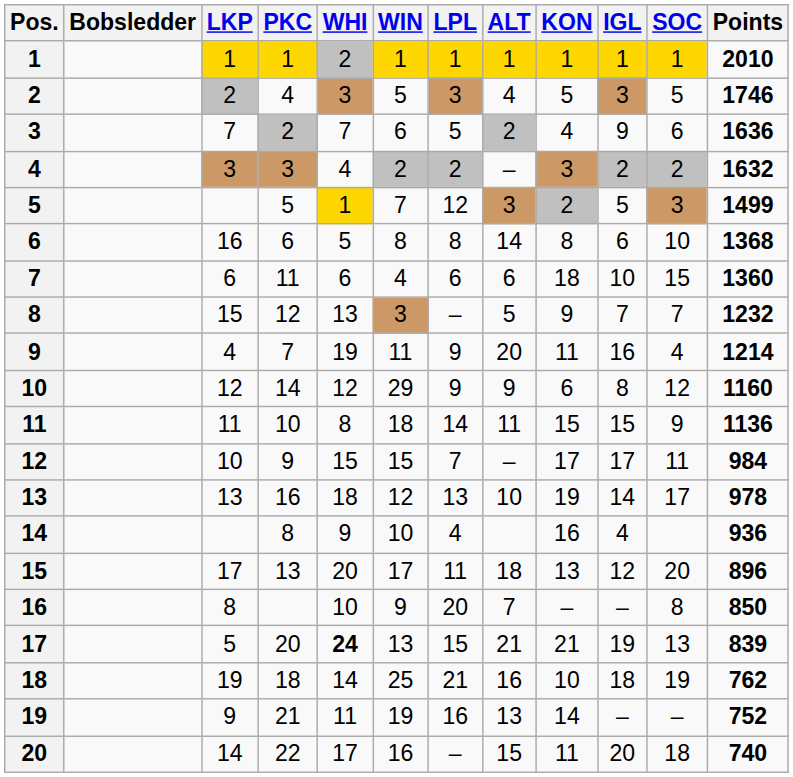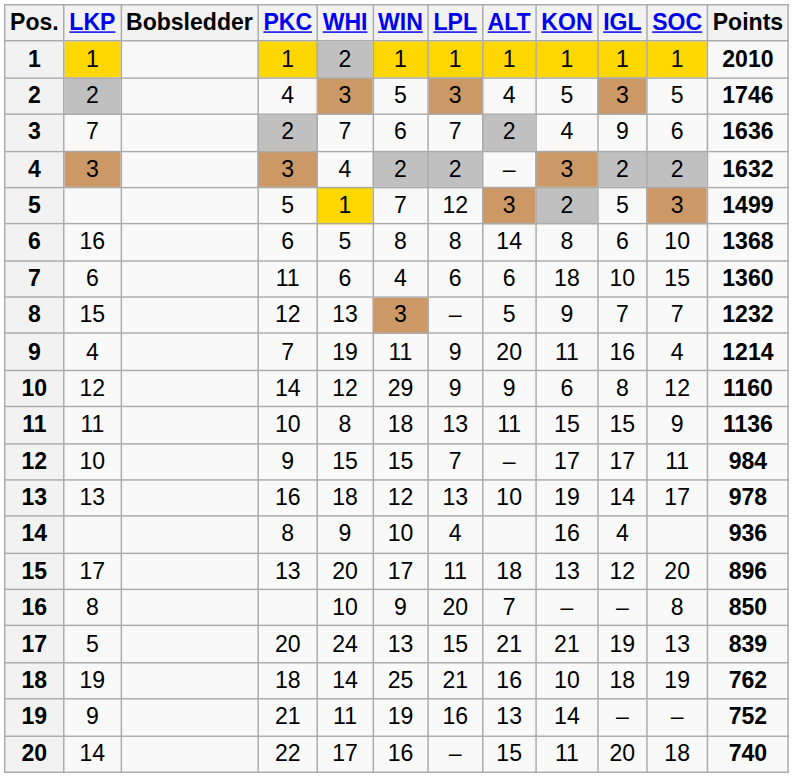 <table class="wikitable sortable plainrowheaders" style="text-align:center;">
 <tr>
 <th scope="col">Pos.</th>
+<th scope="col"><a href='#'>LKP</a></th>
 <th scope="col">Bobsledder</th>
-<th scope="col"><a href='#'>LKP</a></th>
 <th scope="col"><a href='#'>PKC</a></th>
 <th scope="col"><a href='#'>WHI</a></th>
 <th scope="col"><a href='#'>WIN</a></th>
 <th scope="col"><a href='#'>LPL</a></th>
 <th scope="col"><a href='#'>ALT</a></th>
 <th scope="col"><a href='#'>KON</a></th>
 <th scope="col"><a href='#'>IGL</a></th>
 <th scope="col"><a href='#'>SOC</a></th>
 <th scope="col">Points</th>
 </tr>
 <tr>
 <th align="center">1</th>
+<td bgcolor="gold">1</td>
 <td align="left"></td>
-<td bgcolor="gold">1</td>
 <td bgcolor="gold">1</td>
 <td bgcolor="silver">2</td>
 <td bgcolor="gold">1</td>
 <td bgcolor="gold">1</td>
 <td bgcolor="gold">1</td>
 <td bgcolor="gold">1</td>
 <td bgcolor="gold">1</td>
 <td bgcolor="gold">1</td>
 <td><strong>2010</strong></td>
 </tr>
 <tr>
 <th align="center">2</th>
+<td bgcolor="silver">2</td>
 <td align="left"></td>
-<td bgcolor="silver">2</td>
 <td>4</td>
 <td bgcolor="cc9966">3</td>
 <td>5</td>
 <td bgcolor="cc9966">3</td>
 <td>4</td>
 <td>5</td>
 <td bgcolor="cc9966">3</td>
 <td>5</td>
 <td><strong>1746</strong></td>
 </tr>
 <tr>
 <th align="center">3</th>
+<td>7</td>
 <td align="left"></td>
-<td>7</td>
 <td bgcolor="silver">2</td>
 <td>7</td>
 <td>6</td>
-<td>5</td>
+<td>7</td>
 <td bgcolor="silver">2</td>
 <td>4</td>
 <td>9</td>
 <td>6</td>
 <td><strong>1636</strong></td>
 </tr>
 <tr>
 <th align="center">4</th>
+<td bgcolor="cc9966">3</td>
 <td align="left"></td>
-<td bgcolor="cc9966">3</td>
 <td bgcolor="cc9966">3</td>
 <td>4</td>
 <td bgcolor="silver">2</td>
 <td bgcolor="silver">2</td>
 <td>–</td>
 <td bgcolor="cc9966">3</td>
 <td bgcolor="silver">2</td>
 <td bgcolor="silver">2</td>
 <td><strong>1632</strong></td>
 </tr>
 <tr>
 <th align="center">5</th>
+<td></td>
 <td align="left"></td>
-<td></td>
 <td>5</td>
 <td bgcolor="gold">1</td>
 <td>7</td>
 <td>12</td>
 <td bgcolor="cc9966">3</td>
 <td bgcolor="silver">2</td>
 <td>5</td>
 <td bgcolor="cc9966">3</td>
 <td><strong>1499</strong></td>
 </tr>
 <tr>
 <th align="center">6</th>
+<td>16</td>
 <td align="left"></td>
-<td>16</td>
 <td>6</td>
 <td>5</td>
 <td>8</td>
 <td>8</td>
 <td>14</td>
 <td>8</td>
 <td>6</td>
 <td>10</td>
 <td><strong>1368</strong></td>
 </tr>
 <tr>
 <th align="center">7</th>
+<td>6</td>
 <td align="left"></td>
-<td>6</td>
 <td>11</td>
 <td>6</td>
 <td>4</td>
 <td>6</td>
 <td>6</td>
 <td>18</td>
 <td>10</td>
 <td>15</td>
 <td><strong>1360</strong></td>
 </tr>
 <tr>
 <th align="center">8</th>
+<td>15</td>
 <td align="left"></td>
-<td>15</td>
 <td>12</td>
 <td>13</td>
 <td bgcolor="cc9966">3</td>
 <td>–</td>
 <td>5</td>
 <td>9</td>
 <td>7</td>
 <td>7</td>
 <td><strong>1232</strong></td>
 </tr>
 <tr>
 <th align="center">9</th>
+<td>4</td>
 <td align="left"></td>
-<td>4</td>
 <td>7</td>
 <td>19</td>
 <td>11</td>
 <td>9</td>
 <td>20</td>
 <td>11</td>
 <td>16</td>
 <td>4</td>
 <td><strong>1214</strong></td>
 </tr>
 <tr>
 <th align="center">10</th>
+<td>12</td>
 <td align="left"></td>
-<td>12</td>
 <td>14</td>
 <td>12</td>
 <td>29</td>
 <td>9</td>
 <td>9</td>
 <td>6</td>
 <td>8</td>
 <td>12</td>
 <td><strong>1160</strong></td>
 </tr>
 <tr>
 <th align="center">11</th>
+<td>11</td>
 <td align="left"></td>
-<td>11</td>
 <td>10</td>
 <td>8</td>
 <td>18</td>
-<td>14</td>
+<td>13</td>
 <td>11</td>
 <td>15</td>
 <td>15</td>
 <td>9</td>
 <td><strong>1136</strong></td>
 </tr>
 <tr>
 <th align="center">12</th>
+<td>10</td>
 <td align="left"></td>
-<td>10</td>
 <td>9</td>
 <td>15</td>
 <td>15</td>
 <td>7</td>
 <td>–</td>
 <td>17</td>
 <td>17</td>
 <td>11</td>
 <td><strong>984</strong></td>
 </tr>
 <tr>
 <th align="center">13</th>
+<td>13</td>
 <td align="left"></td>
-<td>13</td>
 <td>16</td>
 <td>18</td>
 <td>12</td>
 <td>13</td>
 <td>10</td>
 <td>19</td>
 <td>14</td>
 <td>17</td>
 <td><strong>978</strong></td>
 </tr>
 <tr>
 <th align="center">14</th>
+<td></td>
 <td align="left"></td>
-<td></td>
 <td>8</td>
 <td>9</td>
 <td>10</td>
 <td>4</td>
 <td></td>
 <td>16</td>
 <td>4</td>
 <td></td>
 <td><strong>936</strong></td>
 </tr>
 <tr>
 <th align="center">15</th>
+<td>17</td>
 <td align="left"></td>
-<td>17</td>
 <td>13</td>
 <td>20</td>
 <td>17</td>
 <td>11</td>
 <td>18</td>
 <td>13</td>
 <td>12</td>
 <td>20</td>
 <td><strong>896</strong></td>
 </tr>
 <tr>
 <th align="center">16</th>
+<td>8</td>
 <td align="left"></td>
-<td>8</td>
 <td></td>
 <td>10</td>
 <td>9</td>
 <td>20</td>
 <td>7</td>
 <td>–</td>
 <td>–</td>
 <td>8</td>
 <td><strong>850</strong></td>
 </tr>
 <tr>
 <th align="center">17</th>
+<td>5</td>
 <td align="left"></td>
-<td>5</td>
 <td>20</td>
-<td><strong>24</strong></td>
+<td>24</td>
 <td>13</td>
 <td>15</td>
 <td>21</td>
 <td>21</td>
 <td>19</td>
 <td>13</td>
 <td><strong>839</strong></td>
 </tr>
 <tr>
 <th align="center">18</th>
+<td>19</td>
 <td align="left"></td>
-<td>19</td>
 <td>18</td>
 <td>14</td>
 <td>25</td>
 <td>21</td>
 <td>16</td>
 <td>10</td>
 <td>18</td>
 <td>19</td>
 <td><strong>762</strong></td>
 </tr>
 <tr>
 <th align="center">19</th>
+<td>9</td>
 <td align="left"></td>
-<td>9</td>
 <td>21</td>
 <td>11</td>
 <td>19</td>
 <td>16</td>
 <td>13</td>
 <td>14</td>
 <td>–</td>
 <td>–</td>
 <td><strong>752</strong></td>
 </tr>
 <tr>
 <th align="center">20</th>
+<td>14</td>
 <td align="left"></td>
-<td>14</td>
 <td>22</td>
 <td>17</td>
 <td>16</td>
 <td>–</td>
 <td>15</td>
 <td>11</td>
 <td>20</td>
 <td>18</td>
 <td><strong>740</strong></td>
 </tr>
 </table>
